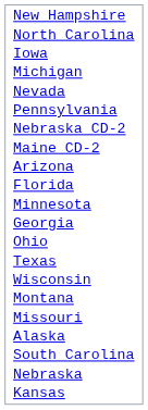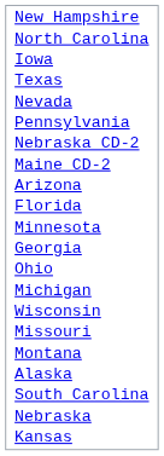 <table style="float:right; clear:right; margin-left: 1em; margin-bottom: 0.5em; border: 1px solid #a2a9b1;">
 <tr>
 <td style="padding: 0 5px;"> <a href='#'>New Hampshire</a></td>
 </tr>
 <tr>
 <td style="padding: 0 5px;"> <a href='#'>North Carolina</a></td>
 </tr>
 <tr>
 <td style="padding: 0 5px;"> <a href='#'>Iowa</a></td>
 </tr>
 <tr>
-<td style="padding: 0 5px;"> <a href='#'>Michigan</a></td>
+<td style="padding: 0 5px;"> <a href='#'>Texas</a></td>
 </tr>
 <tr>
 <td style="padding: 0 5px;"> <a href='#'>Nevada</a></td>
 </tr>
 <tr>
 <td style="padding: 0 5px;"> <a href='#'>Pennsylvania</a></td>
 </tr>
 <tr>
 <td style="padding: 0 5px;"> <a href='#'>Nebraska CD-2</a></td>
 </tr>
 <tr>
 <td style="padding: 0 5px;"> <a href='#'>Maine CD-2</a></td>
 </tr>
 <tr>
 <td style="padding: 0 5px;"> <a href='#'>Arizona</a></td>
 </tr>
 <tr>
 <td style="padding: 0 5px;"> <a href='#'>Florida</a></td>
 </tr>
 <tr>
 <td style="padding: 0 5px;"> <a href='#'>Minnesota</a></td>
 </tr>
 <tr>
 <td style="padding: 0 5px;"> <a href='#'>Georgia</a></td>
 </tr>
 <tr>
 <td style="padding: 0 5px;"> <a href='#'>Ohio</a></td>
 </tr>
 <tr>
-<td style="padding: 0 5px;"> <a href='#'>Texas</a></td>
+<td style="padding: 0 5px;"> <a href='#'>Michigan</a></td>
 </tr>
 <tr>
 <td style="padding: 0 5px;"> <a href='#'>Wisconsin</a></td>
 </tr>
 <tr>
-<td style="padding: 0 5px;"> <a href='#'>Montana</a></td>
+<td style="padding: 0 5px;"> <a href='#'>Missouri</a></td>
 </tr>
 <tr>
-<td style="padding: 0 5px;"> <a href='#'>Missouri</a></td>
+<td style="padding: 0 5px;"> <a href='#'>Montana</a></td>
 </tr>
 <tr>
 <td style="padding: 0 5px;"> <a href='#'>Alaska</a></td>
 </tr>
 <tr>
 <td style="padding: 0 5px;"> <a href='#'>South Carolina</a></td>
 </tr>
 <tr>
 <td style="padding: 0 5px;"> <a href='#'>Nebraska</a></td>
 </tr>
 <tr>
 <td style="padding: 0 5px;"> <a href='#'>Kansas</a></td>
 </tr>
 </table>
